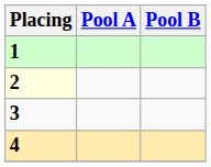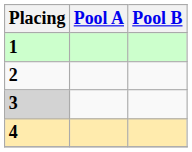 <table class=wikitable style="border:1px solid #AAAAAA;">
 <tr>
 <th>Placing</th>
 <th><a href='#'>Pool A</a></th>
 <th><a href='#'>Pool B</a></th>
 </tr>
 <tr style="background: #ccffcc;">
 <td><strong>1</strong></td>
 <td></td>
 <td><strong></strong></td>
 </tr>
 <tr>
-<td style="background: lightyellow;"><strong>2</strong></td>
+<td><strong>2</strong></td>
 <td></td>
 <td><strong></strong></td>
 </tr>
 <tr>
-<td><strong>3</strong></td>
+<td style="background: lightgrey;"><strong>3</strong></td>
 <td><strong></strong></td>
 <td></td>
 </tr>
 <tr style="background: #ffebad;">
 <td><strong>4</strong></td>
 <td></td>
 <td><strong></strong></td>
 </tr>
 <tr>
 </tr>
 </table>
